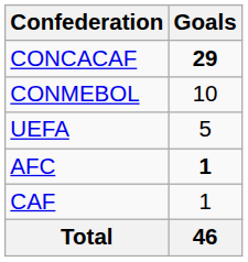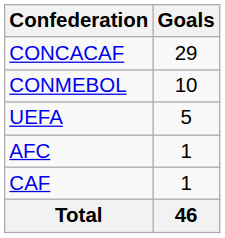 <table class="wikitable sortable" style="text-align:center">
 <tr>
 <th scope="col">Confederation</th>
 <th scope="col">Goals</th>
 </tr>
 <tr>
 <td style="text-align:left"><a href='#'>CONCACAF</a></td>
-<td><strong>29</strong></td>
+<td>29</td>
 </tr>
 <tr>
 <td style="text-align:left"><a href='#'>CONMEBOL</a></td>
 <td>10</td>
 </tr>
 <tr>
 <td style="text-align:left"><a href='#'>UEFA</a></td>
 <td>5</td>
 </tr>
 <tr>
 <td style="text-align:left"><a href='#'>AFC</a></td>
-<td><strong>1</strong></td>
+<td>1</td>
 </tr>
 <tr>
 <td style="text-align:left"><a href='#'>CAF</a></td>
 <td>1</td>
 </tr>
 <tr>
 <th>Total</th>
 <th>46</th>
 </tr>
 </table>
